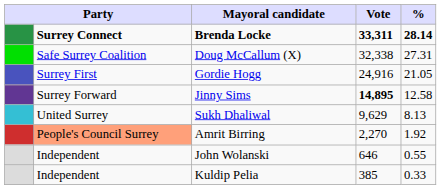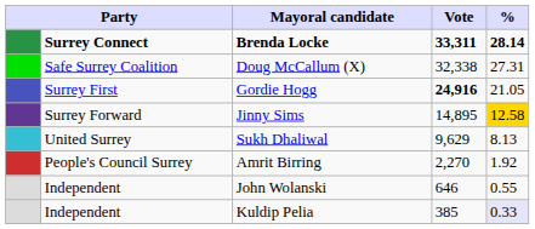 <table class="wikitable">
 <tr>
 <th style="background:#ddf;" width="230px" colspan="2">Party</th>
 <th style="background:#ddf;" width="200px">Mayoral candidate</th>
 <th style="background:#ddf;" width="50px">Vote</th>
 <th style="background:#ddf;" width="30px">%</th>
 </tr>
 <tr style="font-weight:bold;">
 <td style="background:#289345;" width="30px"> </td>
 <td>Surrey Connect</td>
 <td><strong>Brenda Locke</strong></td>
 <td>33,311</td>
 <td>28.14</td>
 </tr>
 <tr>
 <td style="background:#01DF01;" width="30px"> </td>
 <td><a href='#'>Safe Surrey Coalition</a></td>
 <td><a href='#'>Doug McCallum</a> (X)</td>
 <td>32,338</td>
 <td>27.31</td>
 </tr>
 <tr>
 <td style="background:#4953BE;" width="30px"> </td>
 <td><a href='#'>Surrey First</a></td>
 <td><a href='#'>Gordie Hogg</a></td>
-<td>24,916</td>
+<td><strong>24,916</strong></td>
 <td>21.05</td>
 </tr>
 <tr>
 <td style="background:#613693;" width="30px"> </td>
 <td>Surrey Forward</td>
 <td><a href='#'>Jinny Sims</a></td>
-<td><strong>14,895</strong></td>
-<td>12.58</td>
+<td>14,895</td>
+<td style="background: gold;">12.58</td>
 </tr>
 <tr>
 <td style="background:#34bfd4;" width="30px"> </td>
 <td>United Surrey</td>
 <td><a href='#'>Sukh Dhaliwal</a></td>
 <td>9,629</td>
 <td>8.13</td>
 </tr>
 <tr>
 <td style="background:#cf2e2e;" width="30px"> </td>
-<td style="background: lightsalmon;">People's Council Surrey</td>
+<td>People's Council Surrey</td>
 <td>Amrit Birring</td>
 <td>2,270</td>
 <td>1.92</td>
 </tr>
 <tr>
 <td style="background:gainsboro" width="30px"> </td>
 <td>Independent</td>
 <td>John Wolanski</td>
 <td>646</td>
 <td>0.55</td>
 </tr>
 <tr>
 <td style="background:gainsboro" width="30px"> </td>
 <td>Independent</td>
 <td>Kuldip Pelia</td>
 <td>385</td>
-<td>0.33</td>
+<td style="background: lavender;">0.33</td>
 </tr>
 </table>
